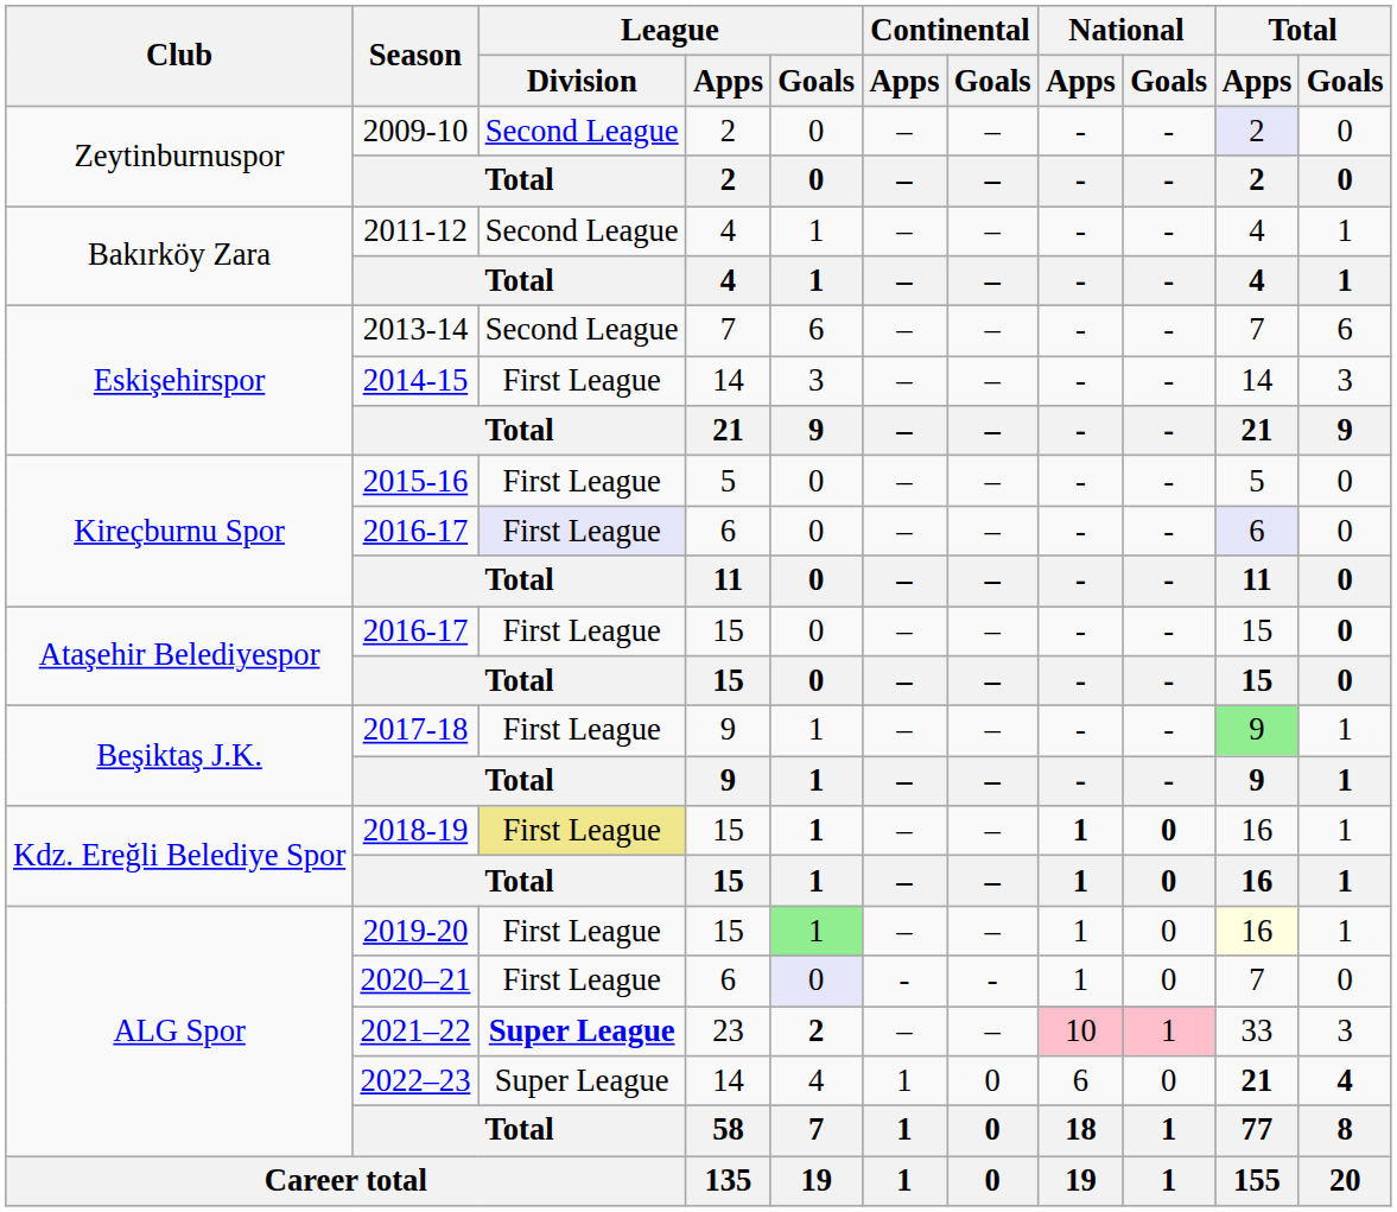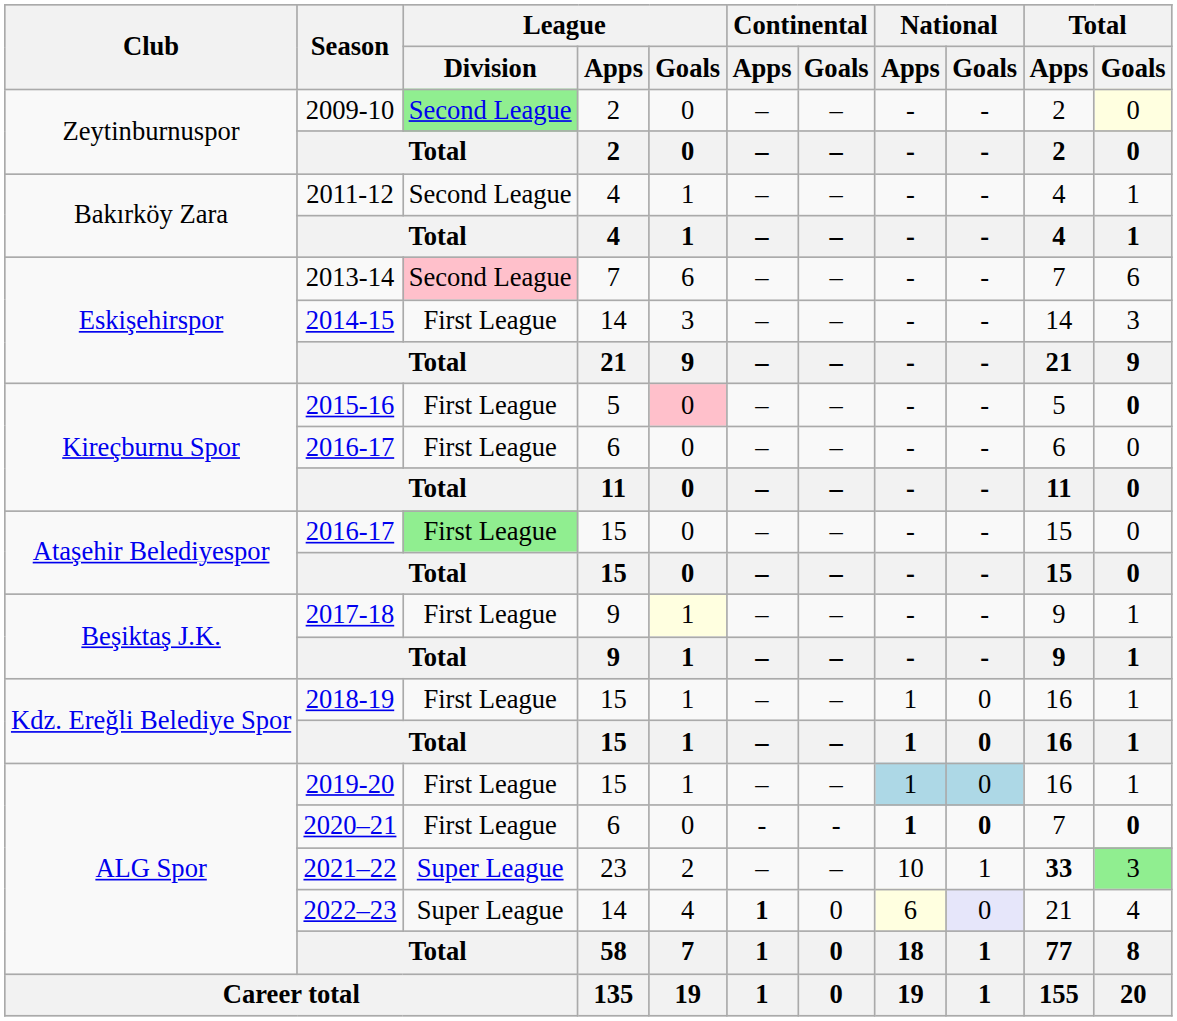 <table class="wikitable" style="text-align: center;">
 <tr>
 <th rowspan="2">Club</th>
 <th rowspan="2">Season</th>
 <th colspan="3">League</th>
 <th colspan="2">Continental</th>
 <th colspan="2">National</th>
 <th colspan="2">Total</th>
 </tr>
 <tr>
 <th>Division</th>
 <th>Apps</th>
 <th>Goals</th>
 <th>Apps</th>
 <th>Goals</th>
 <th>Apps</th>
 <th>Goals</th>
 <th>Apps</th>
 <th>Goals</th>
 </tr>
 <tr>
 <td rowspan=2>Zeytinburnuspor</td>
 <td>2009-10</td>
-<td><a href='#'>Second League</a></td>
+<td style="background: lightgreen;"><a href='#'>Second League</a></td>
 <td>2</td>
 <td>0</td>
 <td>–</td>
 <td>–</td>
 <td>-</td>
 <td>-</td>
-<td style="background: lavender;">2</td>
-<td>0</td>
+<td>2</td>
+<td style="background: lightyellow;">0</td>
 </tr>
 <tr>
 <th colspan="2">Total</th>
 <th>2</th>
 <th>0</th>
 <th>–</th>
 <th>–</th>
 <th>-</th>
 <th>-</th>
 <th>2</th>
 <th>0</th>
 </tr>
 <tr>
 <td rowspan=2>Bakırköy Zara</td>
 <td>2011-12</td>
 <td>Second League</td>
 <td>4</td>
 <td>1</td>
 <td>–</td>
 <td>–</td>
 <td>-</td>
 <td>-</td>
 <td>4</td>
 <td>1</td>
 </tr>
 <tr>
 <th colspan="2">Total</th>
 <th>4</th>
 <th>1</th>
 <th>–</th>
 <th>–</th>
 <th>-</th>
 <th>-</th>
 <th>4</th>
 <th>1</th>
 </tr>
 <tr>
 <td rowspan=3><a href='#'>Eskişehirspor</a></td>
 <td>2013-14</td>
-<td>Second League</td>
+<td style="background: pink;">Second League</td>
 <td>7</td>
 <td>6</td>
 <td>–</td>
 <td>–</td>
 <td>-</td>
 <td>-</td>
 <td>7</td>
 <td>6</td>
 </tr>
 <tr>
 <td><a href='#'>2014-15</a></td>
 <td>First League</td>
 <td>14</td>
 <td>3</td>
 <td>–</td>
 <td>–</td>
 <td>-</td>
 <td>-</td>
 <td>14</td>
 <td>3</td>
 </tr>
 <tr>
 <th colspan="2">Total</th>
 <th>21</th>
 <th>9</th>
 <th>–</th>
 <th>–</th>
 <th>-</th>
 <th>-</th>
 <th>21</th>
 <th>9</th>
 </tr>
 <tr>
 <td rowspan=3><a href='#'>Kireçburnu Spor</a></td>
 <td><a href='#'>2015-16</a></td>
 <td>First League</td>
 <td>5</td>
-<td>0</td>
+<td style="background: pink;">0</td>
 <td>–</td>
 <td>–</td>
 <td>-</td>
 <td>-</td>
 <td>5</td>
-<td>0</td>
+<td><strong>0</strong></td>
 </tr>
 <tr>
 <td><a href='#'>2016-17</a></td>
-<td style="background: lavender;">First League</td>
+<td>First League</td>
 <td>6</td>
 <td>0</td>
 <td>–</td>
 <td>–</td>
 <td>-</td>
 <td>-</td>
-<td style="background: lavender;">6</td>
+<td>6</td>
 <td>0</td>
 </tr>
 <tr>
 <th colspan="2">Total</th>
 <th>11</th>
 <th>0</th>
 <th>–</th>
 <th>–</th>
 <th>-</th>
 <th>-</th>
 <th>11</th>
 <th>0</th>
 </tr>
 <tr>
 <td rowspan=2><a href='#'>Ataşehir Belediyespor</a></td>
 <td><a href='#'>2016-17</a></td>
-<td>First League</td>
+<td style="background: lightgreen;">First League</td>
 <td>15</td>
 <td>0</td>
 <td>–</td>
 <td>–</td>
 <td>-</td>
 <td>-</td>
 <td>15</td>
-<td><strong>0</strong></td>
+<td>0</td>
 </tr>
 <tr>
 <th colspan="2">Total</th>
 <th>15</th>
 <th>0</th>
 <th>–</th>
 <th>–</th>
 <th>-</th>
 <th>-</th>
 <th>15</th>
 <th>0</th>
 </tr>
 <tr>
 <td rowspan=2><a href='#'>Beşiktaş J.K.</a></td>
 <td><a href='#'>2017-18</a></td>
 <td>First League</td>
 <td>9</td>
-<td>1</td>
+<td style="background: lightyellow;">1</td>
 <td>–</td>
 <td>–</td>
 <td>-</td>
 <td>-</td>
-<td style="background: lightgreen;">9</td>
+<td>9</td>
 <td>1</td>
 </tr>
 <tr>
 <th colspan="2">Total</th>
 <th>9</th>
 <th>1</th>
 <th>–</th>
 <th>–</th>
 <th>-</th>
 <th>-</th>
 <th>9</th>
 <th>1</th>
 </tr>
 <tr>
 <td rowspan=2><a href='#'>Kdz. Ereğli Belediye Spor</a></td>
 <td><a href='#'>2018-19</a></td>
-<td style="background: khaki;">First League</td>
+<td>First League</td>
 <td>15</td>
-<td><strong>1</strong></td>
+<td>1</td>
 <td>–</td>
 <td>–</td>
-<td><strong>1</strong></td>
-<td><strong>0</strong></td>
+<td>1</td>
+<td>0</td>
 <td>16</td>
 <td>1</td>
 </tr>
 <tr>
 <th colspan="2">Total</th>
 <th>15</th>
 <th>1</th>
 <th>–</th>
 <th>–</th>
 <th>1</th>
 <th>0</th>
 <th>16</th>
 <th>1</th>
 </tr>
 <tr>
 <td rowspan=5><a href='#'>ALG Spor</a></td>
 <td><a href='#'>2019-20</a></td>
 <td>First League</td>
 <td>15</td>
-<td style="background: lightgreen;">1</td>
+<td>1</td>
 <td>–</td>
 <td>–</td>
-<td>1</td>
-<td>0</td>
-<td style="background: lightyellow;">16</td>
+<td style="background: lightblue;">1</td>
+<td style="background: lightblue;">0</td>
+<td>16</td>
 <td>1</td>
 </tr>
 <tr>
 <td><a href='#'>2020–21</a></td>
 <td>First League</td>
 <td>6</td>
-<td style="background: lavender;">0</td>
+<td>0</td>
 <td>-</td>
 <td>-</td>
-<td>1</td>
-<td>0</td>
+<td><strong>1</strong></td>
+<td><strong>0</strong></td>
 <td>7</td>
-<td>0</td>
+<td><strong>0</strong></td>
 </tr>
 <tr>
 <td><a href='#'>2021–22</a></td>
-<td><strong><a href='#'>Super League</a></strong></td>
+<td><a href='#'>Super League</a></td>
 <td>23</td>
-<td><strong>2</strong></td>
+<td>2</td>
 <td>–</td>
 <td>–</td>
-<td style="background: pink;">10</td>
-<td style="background: pink;">1</td>
-<td>33</td>
-<td>3</td>
+<td>10</td>
+<td>1</td>
+<td><strong>33</strong></td>
+<td style="background: lightgreen;">3</td>
 </tr>
 <tr>
 <td><a href='#'>2022–23</a></td>
 <td>Super League</td>
 <td>14</td>
 <td>4</td>
-<td>1</td>
+<td><strong>1</strong></td>
 <td>0</td>
-<td>6</td>
-<td>0</td>
-<td><strong>21</strong></td>
-<td><strong>4</strong></td>
+<td style="background: lightyellow;">6</td>
+<td style="background: lavender;">0</td>
+<td>21</td>
+<td>4</td>
 </tr>
 <tr>
 <th colspan="2">Total</th>
 <th>58</th>
 <th>7</th>
 <th>1</th>
 <th>0</th>
 <th>18</th>
 <th>1</th>
 <th>77</th>
 <th>8</th>
 </tr>
 <tr>
 <th colspan="3">Career total</th>
 <th>135</th>
 <th>19</th>
 <th>1</th>
 <th>0</th>
 <th>19</th>
 <th>1</th>
 <th>155</th>
 <th>20</th>
 </tr>
 </table>
